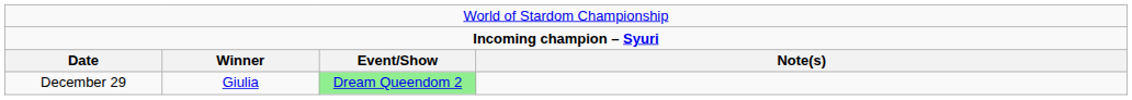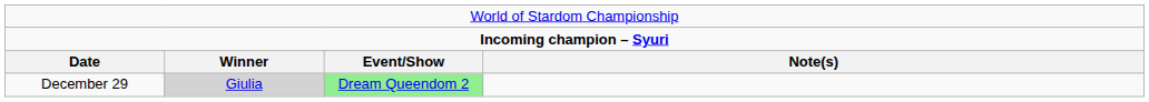 <table class="wikitable" style="text-align:center; width:100%;">
 <tr>
 <td colspan="4" style="text-align: center;"><a href='#'>World of Stardom Championship</a></td>
 </tr>
 <tr>
 <td colspan="4" style="text-align: center;"><strong>Incoming champion – <a href='#'>Syuri</a></strong></td>
 </tr>
 <tr>
 <th width=14%>Date</th>
 <th width=14%>Winner</th>
 <th width=14%>Event/Show</th>
 <th width=58%>Note(s)</th>
 </tr>
 <tr>
 <td>December 29</td>
-<td><a href='#'>Giulia</a></td>
+<td style="background: lightgrey;"><a href='#'>Giulia</a></td>
 <td style="background: lightgreen;"><a href='#'>Dream Queendom 2</a></td>
 <td></td>
 </tr>
 </table>
